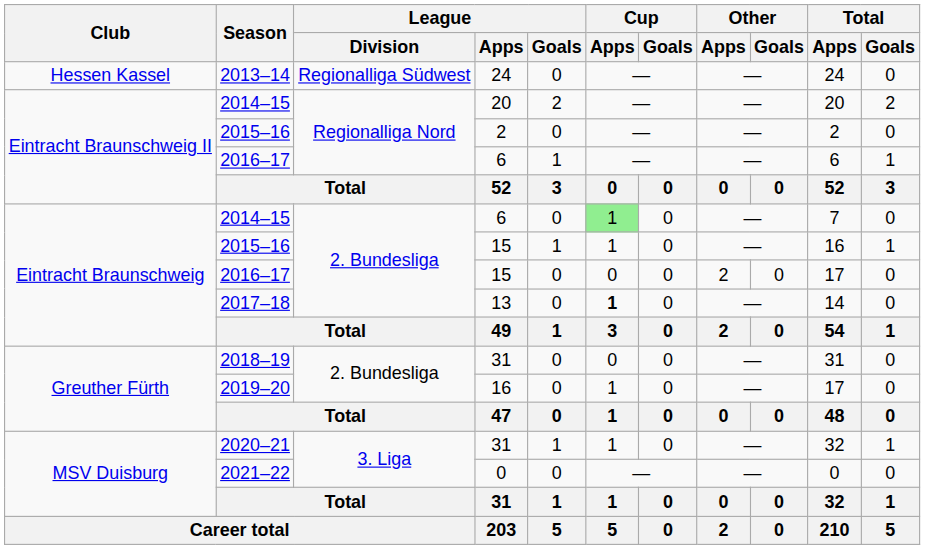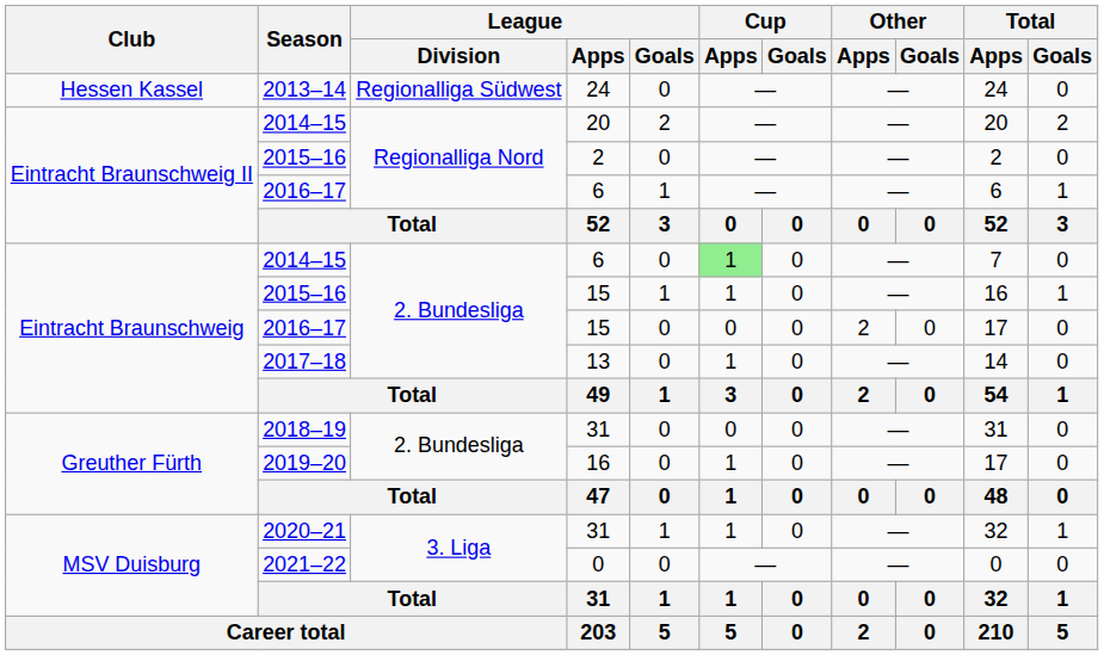 <table class="wikitable" style="text-align: center">
 <tr>
 <th rowspan="2">Club</th>
 <th rowspan="2">Season</th>
 <th colspan="3">League</th>
 <th colspan="2">Cup</th>
 <th colspan="2">Other</th>
 <th colspan="2">Total</th>
 </tr>
 <tr>
 <th>Division</th>
 <th>Apps</th>
 <th>Goals</th>
 <th>Apps</th>
 <th>Goals</th>
 <th>Apps</th>
 <th>Goals</th>
 <th>Apps</th>
 <th>Goals</th>
 </tr>
 <tr>
 <td><a href='#'>Hessen Kassel</a></td>
 <td><a href='#'>2013–14</a></td>
 <td><a href='#'>Regionalliga Südwest</a></td>
 <td>24</td>
 <td>0</td>
 <td colspan="2">—</td>
 <td colspan="2">—</td>
 <td>24</td>
 <td>0</td>
 </tr>
 <tr>
 <td rowspan="4"><a href='#'>Eintracht Braunschweig II</a></td>
 <td><a href='#'>2014–15</a></td>
 <td rowspan="3"><a href='#'>Regionalliga Nord</a></td>
 <td>20</td>
 <td>2</td>
 <td colspan="2">—</td>
 <td colspan="2">—</td>
 <td>20</td>
 <td>2</td>
 </tr>
 <tr>
 <td><a href='#'>2015–16</a></td>
 <td>2</td>
 <td>0</td>
 <td colspan="2">—</td>
 <td colspan="2">—</td>
 <td>2</td>
 <td>0</td>
 </tr>
 <tr>
 <td><a href='#'>2016–17</a></td>
 <td>6</td>
 <td>1</td>
 <td colspan="2">—</td>
 <td colspan="2">—</td>
 <td>6</td>
 <td>1</td>
 </tr>
 <tr>
 <th colspan="2">Total</th>
 <th>52</th>
 <th>3</th>
 <th>0</th>
 <th>0</th>
 <th>0</th>
 <th>0</th>
 <th>52</th>
 <th>3</th>
 </tr>
 <tr>
 <td rowspan="5"><a href='#'>Eintracht Braunschweig</a></td>
 <td><a href='#'>2014–15</a></td>
 <td rowspan="4"><a href='#'>2. Bundesliga</a></td>
 <td>6</td>
 <td>0</td>
 <td style="background: lightgreen;">1</td>
 <td>0</td>
 <td colspan="2">—</td>
 <td>7</td>
 <td>0</td>
 </tr>
 <tr>
 <td><a href='#'>2015–16</a></td>
 <td>15</td>
 <td>1</td>
 <td>1</td>
 <td>0</td>
 <td colspan="2">—</td>
 <td>16</td>
 <td>1</td>
 </tr>
 <tr>
 <td><a href='#'>2016–17</a></td>
 <td>15</td>
 <td>0</td>
 <td>0</td>
 <td>0</td>
 <td>2</td>
 <td>0</td>
 <td>17</td>
 <td>0</td>
 </tr>
 <tr>
 <td><a href='#'>2017–18</a></td>
 <td>13</td>
 <td>0</td>
-<td><strong>1</strong></td>
+<td>1</td>
 <td>0</td>
 <td colspan="2">—</td>
 <td>14</td>
 <td>0</td>
 </tr>
 <tr>
 <th colspan="2">Total</th>
 <th>49</th>
 <th>1</th>
 <th>3</th>
 <th>0</th>
 <th>2</th>
 <th>0</th>
 <th>54</th>
 <th>1</th>
 </tr>
 <tr>
 <td rowspan="3"><a href='#'>Greuther Fürth</a></td>
 <td><a href='#'>2018–19</a></td>
 <td rowspan="2">2. Bundesliga</td>
 <td>31</td>
 <td>0</td>
 <td>0</td>
 <td>0</td>
 <td colspan="2">—</td>
 <td>31</td>
 <td>0</td>
 </tr>
 <tr>
 <td><a href='#'>2019–20</a></td>
 <td>16</td>
 <td>0</td>
 <td>1</td>
 <td>0</td>
 <td colspan="2">—</td>
 <td>17</td>
 <td>0</td>
 </tr>
 <tr>
 <th colspan="2">Total</th>
 <th>47</th>
 <th>0</th>
 <th>1</th>
 <th>0</th>
 <th>0</th>
 <th>0</th>
 <th>48</th>
 <th>0</th>
 </tr>
 <tr>
 <td rowspan="3"><a href='#'>MSV Duisburg</a></td>
 <td><a href='#'>2020–21</a></td>
 <td rowspan="2"><a href='#'>3. Liga</a></td>
 <td>31</td>
 <td>1</td>
 <td>1</td>
 <td>0</td>
 <td colspan="2">—</td>
 <td>32</td>
 <td>1</td>
 </tr>
 <tr>
 <td><a href='#'>2021–22</a></td>
 <td>0</td>
 <td>0</td>
 <td colspan="2">—</td>
 <td colspan="2">—</td>
 <td>0</td>
 <td>0</td>
 </tr>
 <tr>
 <th colspan="2">Total</th>
 <th>31</th>
 <th>1</th>
 <th>1</th>
 <th>0</th>
 <th>0</th>
 <th>0</th>
 <th>32</th>
 <th>1</th>
 </tr>
 <tr>
 <th colspan="3">Career total</th>
 <th>203</th>
 <th>5</th>
 <th>5</th>
 <th>0</th>
 <th>2</th>
 <th>0</th>
 <th>210</th>
 <th>5</th>
 </tr>
 </table>
